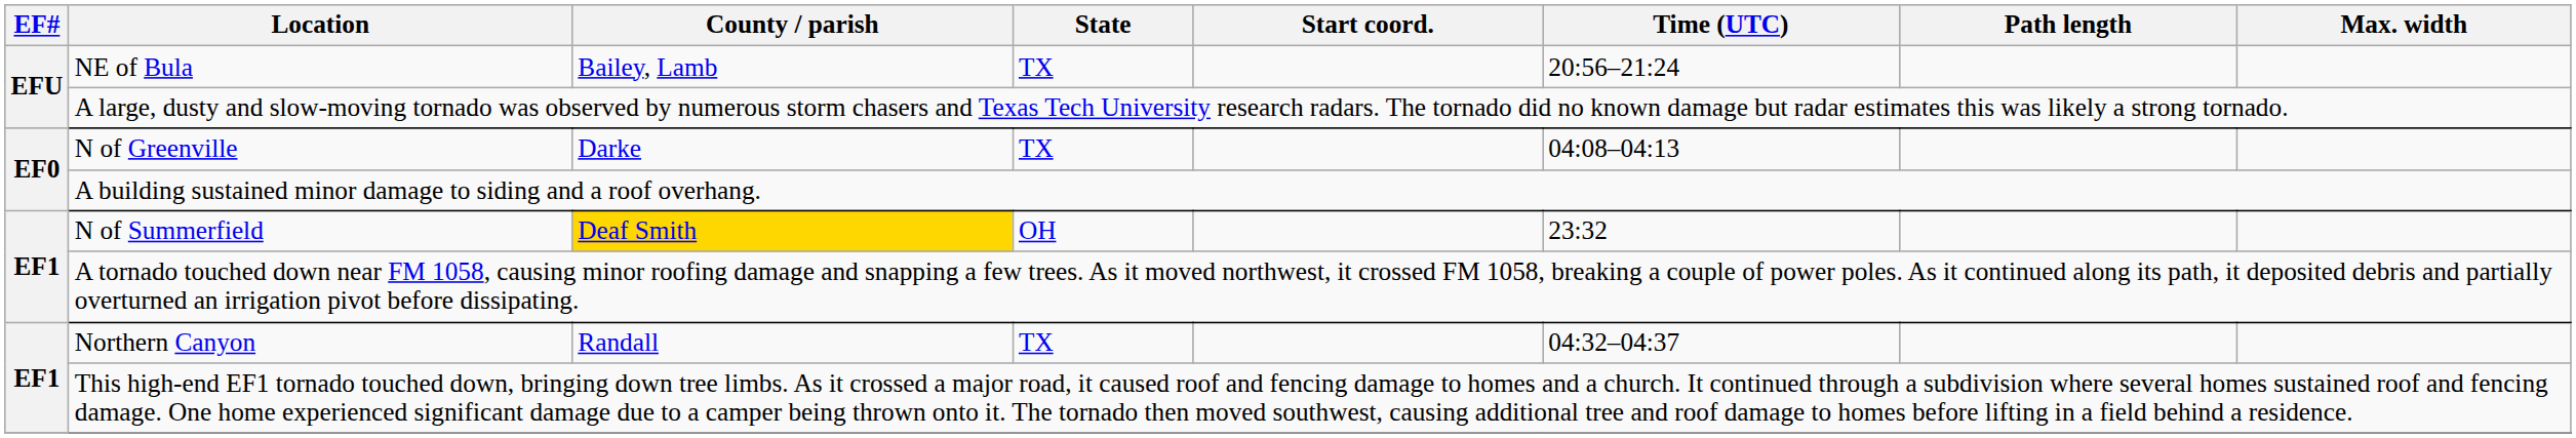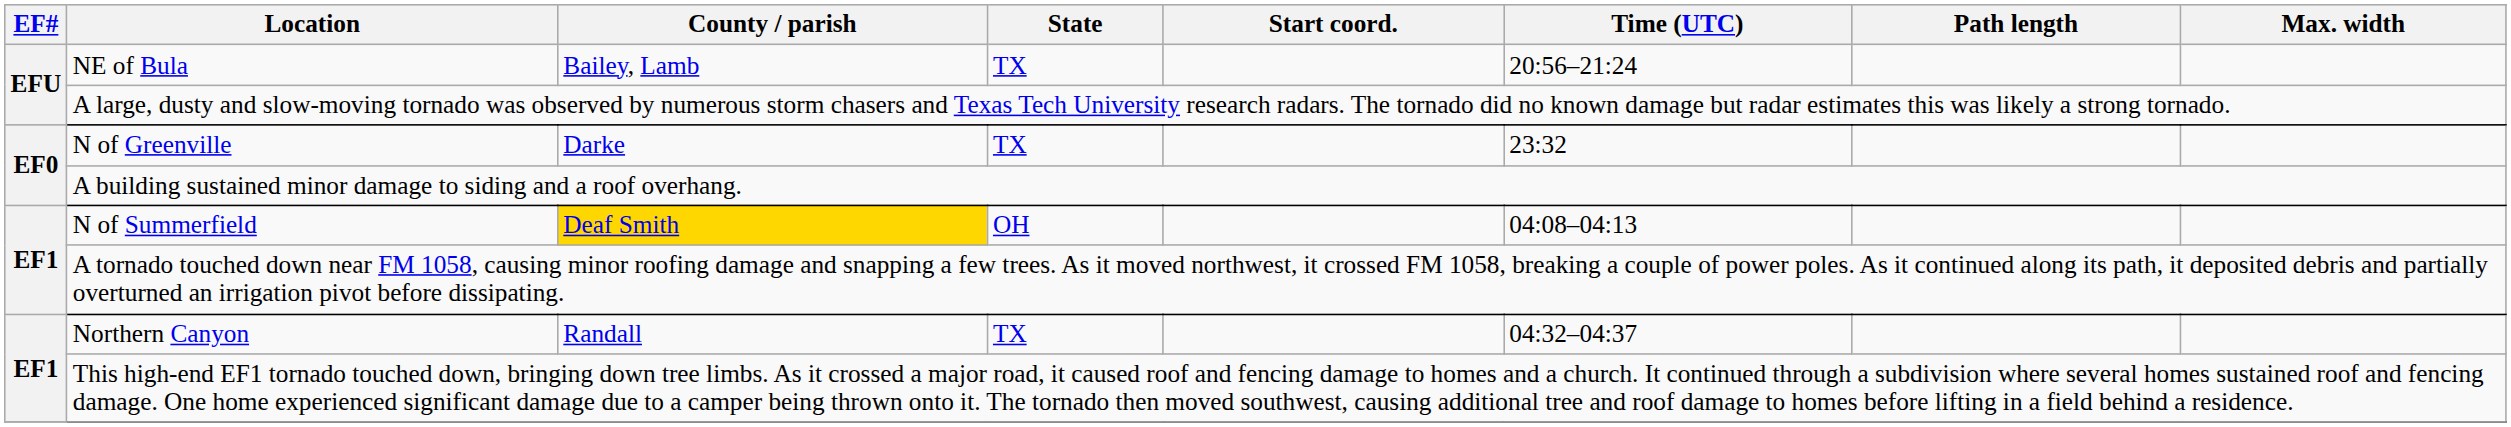 <table class="wikitable sortable" style="width:100%;">
 <tr>
 <th scope="col" width="2%" align="center"><a href='#'>EF#</a></th>
 <th scope="col" align="center" class="unsortable">Location</th>
 <th scope="col" align="center" class="unsortable">County / parish</th>
 <th scope="col" align="center">State</th>
 <th scope="col" align="center">Start coord.</th>
 <th scope="col" align="center">Time (<a href='#'>UTC</a>)</th>
 <th scope="col" align="center">Path length</th>
 <th scope="col" align="center">Max. width</th>
 </tr>
 <tr>
 <th scope="row" rowspan="2" style="background-color:#">EFU</th>
 <td>NE of <a href='#'>Bula</a></td>
 <td><a href='#'>Bailey</a>, <a href='#'>Lamb</a></td>
 <td><a href='#'>TX</a></td>
 <td></td>
 <td>20:56–21:24</td>
 <td></td>
 <td></td>
 </tr>
 <tr class="expand-child">
 <td colspan="8" style=" border-bottom: 1px solid black;">A large, dusty and slow-moving tornado was observed by numerous storm chasers and <a href='#'>Texas Tech University</a> research radars. The tornado did no known damage but radar estimates this was likely a strong tornado.</td>
 </tr>
 <tr>
 <th scope="row" rowspan="2" style="background-color:#">EF0</th>
 <td>N of <a href='#'>Greenville</a></td>
 <td><a href='#'>Darke</a></td>
 <td><a href='#'>TX</a></td>
 <td></td>
-<td>04:08–04:13</td>
+<td>23:32</td>
 <td></td>
 <td></td>
 </tr>
 <tr class="expand-child">
 <td colspan="8" style=" border-bottom: 1px solid black;">A building sustained minor damage to siding and a roof overhang.</td>
 </tr>
 <tr>
 <th scope="row" rowspan="2" style="background-color:#">EF1</th>
 <td>N of <a href='#'>Summerfield</a></td>
 <td style="background: gold;"><a href='#'>Deaf Smith</a></td>
 <td><a href='#'>OH</a></td>
 <td></td>
-<td>23:32</td>
+<td>04:08–04:13</td>
 <td></td>
 <td></td>
 </tr>
 <tr class="expand-child">
 <td colspan="8" style=" border-bottom: 1px solid black;">A tornado touched down near <a href='#'>FM 1058</a>, causing minor roofing damage and snapping a few trees. As it moved northwest, it crossed FM 1058, breaking a couple of power poles. As it continued along its path, it deposited debris and partially overturned an irrigation pivot before dissipating.</td>
 </tr>
 <tr>
 <th scope="row" rowspan="2" style="background-color:#">EF1</th>
 <td>Northern <a href='#'>Canyon</a></td>
 <td><a href='#'>Randall</a></td>
 <td><a href='#'>TX</a></td>
 <td></td>
 <td>04:32–04:37</td>
 <td></td>
 <td></td>
 </tr>
 <tr class="expand-child">
 <td colspan="8" style=" border-bottom: 1px solid black;">This high-end EF1 tornado touched down, bringing down tree limbs. As it crossed a major road, it caused roof and fencing damage to homes and a church. It continued through a subdivision where several homes sustained roof and fencing damage. One home experienced significant damage due to a camper being thrown onto it. The tornado then moved southwest, causing additional tree and roof damage to homes before lifting in a field behind a residence.</td>
 </tr>
 <tr>
 </tr>
 </table>
